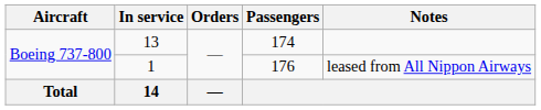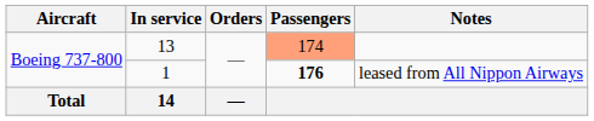 <table class="wikitable" style="margin:1em auto; border-collapse:collapse; text-align:center;">
 <tr>
 <th>Aircraft</th>
 <th>In service</th>
 <th>Orders</th>
 <th>Passengers</th>
 <th>Notes</th>
 </tr>
 <tr>
 <td rowspan="2"><a href='#'>Boeing 737-800</a></td>
 <td>13</td>
 <td rowspan="2">—</td>
-<td>174</td>
+<td style="background: lightsalmon;">174</td>
 <td></td>
 </tr>
 <tr>
 <td>1</td>
-<td>176</td>
+<td><strong>176</strong></td>
 <td>leased from <a href='#'>All Nippon Airways</a></td>
 </tr>
 <tr>
 <th>Total</th>
 <th>14</th>
 <th>—</th>
 <th colspan=2></th>
 </tr>
 </table>
